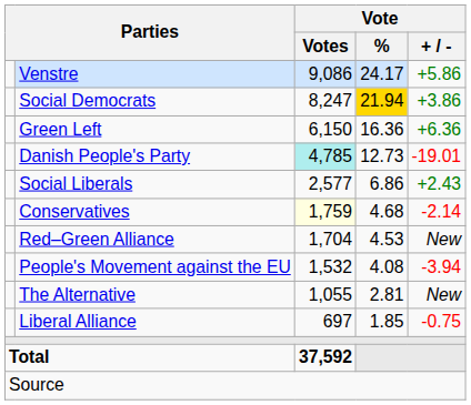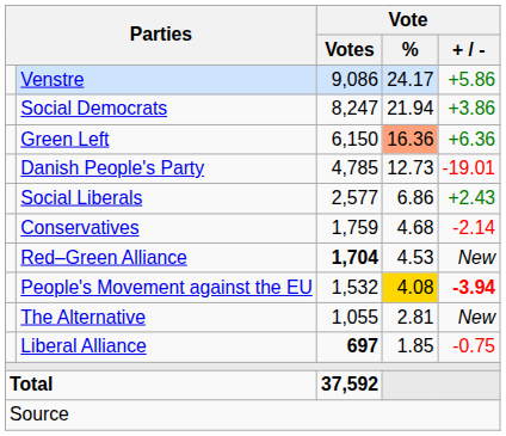 <table class="wikitable" style="text-align:right;">
 <tr>
 <th style="text-align:centre;" rowspan="2" colspan="2" width="225">Parties</th>
 <th colspan="3">Vote</th>
 </tr>
 <tr>
 <th width="15">Votes</th>
 <th width="15">%</th>
 <th width="15">+ / -</th>
 </tr>
 <tr>
 <td width="2" style="color:inherit;background:"></td>
 <td bgcolor=#cfe5fe   align="left"><a href='#'>Venstre</a></td>
 <td bgcolor=#cfe5fe>9,086</td>
 <td bgcolor=#cfe5fe>24.17</td>
 <td style=color:green;>+5.86</td>
 </tr>
 <tr>
 <td width="2" style="color:inherit;background:"></td>
 <td align="left"><a href='#'>Social Democrats</a></td>
 <td>8,247</td>
-<td style="background: gold;">21.94</td>
+<td>21.94</td>
 <td style=color:green;>+3.86</td>
 </tr>
 <tr>
 <td width="2" style="color:inherit;background:"></td>
 <td align="left"><a href='#'>Green Left</a></td>
 <td>6,150</td>
-<td>16.36</td>
+<td style="background: lightsalmon;">16.36</td>
 <td style=color:green;>+6.36</td>
 </tr>
 <tr>
 <td width="2" style="color:inherit;background:"></td>
 <td align="left"><a href='#'>Danish People's Party</a></td>
-<td style="background: paleturquoise;">4,785</td>
+<td>4,785</td>
 <td>12.73</td>
 <td style=color:red;>-19.01</td>
 </tr>
 <tr>
 <td width="2" style="color:inherit;background:"></td>
 <td align="left"><a href='#'>Social Liberals</a></td>
 <td>2,577</td>
 <td>6.86</td>
 <td style=color:green;>+2.43</td>
 </tr>
 <tr>
 <td width="2" style="color:inherit;background:"></td>
 <td align="left"><a href='#'>Conservatives</a></td>
-<td style="background: lightyellow;">1,759</td>
+<td>1,759</td>
 <td>4.68</td>
 <td style=color:red;>-2.14</td>
 </tr>
 <tr>
 <td width="2" style="color:inherit;background:"></td>
 <td align="left"><a href='#'>Red–Green Alliance</a></td>
-<td>1,704</td>
+<td><strong>1,704</strong></td>
 <td>4.53</td>
 <td><em>New</em></td>
 </tr>
 <tr>
 <td width="2" style="color:inherit;background:"></td>
 <td align="left"><a href='#'>People's Movement against the EU</a></td>
 <td>1,532</td>
-<td>4.08</td>
-<td style=color:red;>-3.94</td>
+<td style="background: gold;">4.08</td>
+<td style=color:red;><strong>-3.94</strong></td>
 </tr>
 <tr>
 <td width="2" style="color:inherit;background:"></td>
 <td align="left"><a href='#'>The Alternative</a></td>
 <td>1,055</td>
 <td>2.81</td>
 <td><em>New</em></td>
 </tr>
 <tr>
 <td width="2" style="color:inherit;background:"></td>
 <td align="left"><a href='#'>Liberal Alliance</a></td>
-<td>697</td>
+<td><strong>697</strong></td>
 <td>1.85</td>
 <td style=color:red;>-0.75</td>
 </tr>
 <tr>
 <td colspan="7" bgcolor="#E9E9E9"></td>
 </tr>
 <tr>
 <td align="left" colspan="2"><strong>Total</strong></td>
 <td><strong>37,592</strong></td>
 <td bgcolor="#E9E9E9" colspan="2"></td>
 </tr>
 <tr>
 <td align="left" colspan="6">Source</td>
 </tr>
 </table>
